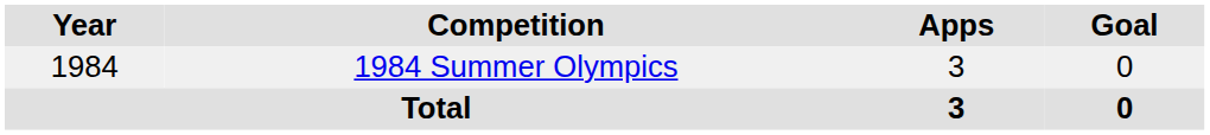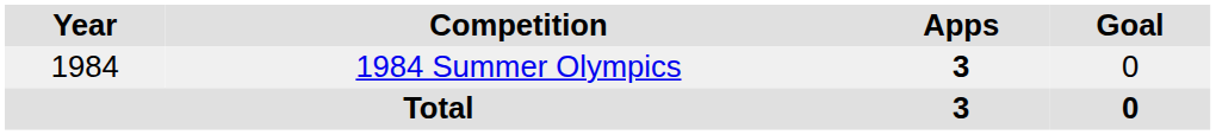 <table border="0" cellpadding="2" cellspacing="0" style="width:50%;">
 <tr style="text-align:center; background:#e0e0e0;">
 <th>Year</th>
 <th>Competition</th>
 <th>Apps</th>
 <th>Goal</th>
 </tr>
 <tr style="text-align:center; background:#f0f0f0;">
 <td>1984</td>
 <td><a href='#'>1984 Summer Olympics</a></td>
-<td>3</td>
+<td><strong>3</strong></td>
 <td>0</td>
 </tr>
 <tr style="text-align:center; background:#e0e0e0;">
 <th colspan="2">Total</th>
 <th style="text-align:center;">3</th>
 <th style="text-align:center;">0</th>
 </tr>
 </table>
